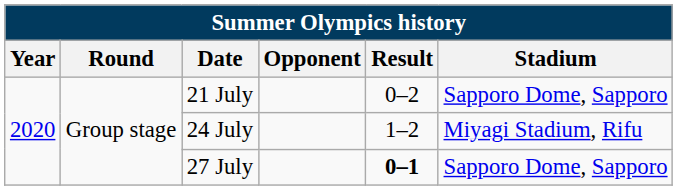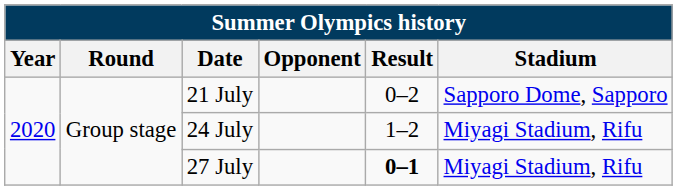 <table class="wikitable collapsible" style="text-align: center;font-size:100%;">
 <tr>
 <th colspan=6 style="background: #013A5E; color: #FFFFFF;">Summer Olympics history</th>
 </tr>
 <tr>
 <th>Year</th>
 <th>Round</th>
 <th>Date</th>
 <th>Opponent</th>
 <th>Result</th>
 <th>Stadium</th>
 </tr>
 <tr>
 <td rowspan=3> <a href='#'>2020</a></td>
 <td rowspan=3>Group stage</td>
 <td align="left">21 July</td>
 <td align="left"></td>
 <td>0–2</td>
 <td align="left"><a href='#'>Sapporo Dome</a>, <a href='#'>Sapporo</a></td>
 </tr>
 <tr>
 <td align="left">24 July</td>
 <td align="left"></td>
 <td>1–2</td>
 <td align="left"><a href='#'>Miyagi Stadium</a>, <a href='#'>Rifu</a></td>
 </tr>
 <tr>
 <td align="left">27 July</td>
 <td align="left"></td>
 <td><strong>0–1</strong></td>
-<td align="left"><a href='#'>Sapporo Dome</a>, <a href='#'>Sapporo</a></td>
+<td align="left"><a href='#'>Miyagi Stadium</a>, <a href='#'>Rifu</a></td>
 </tr>
 </table>
